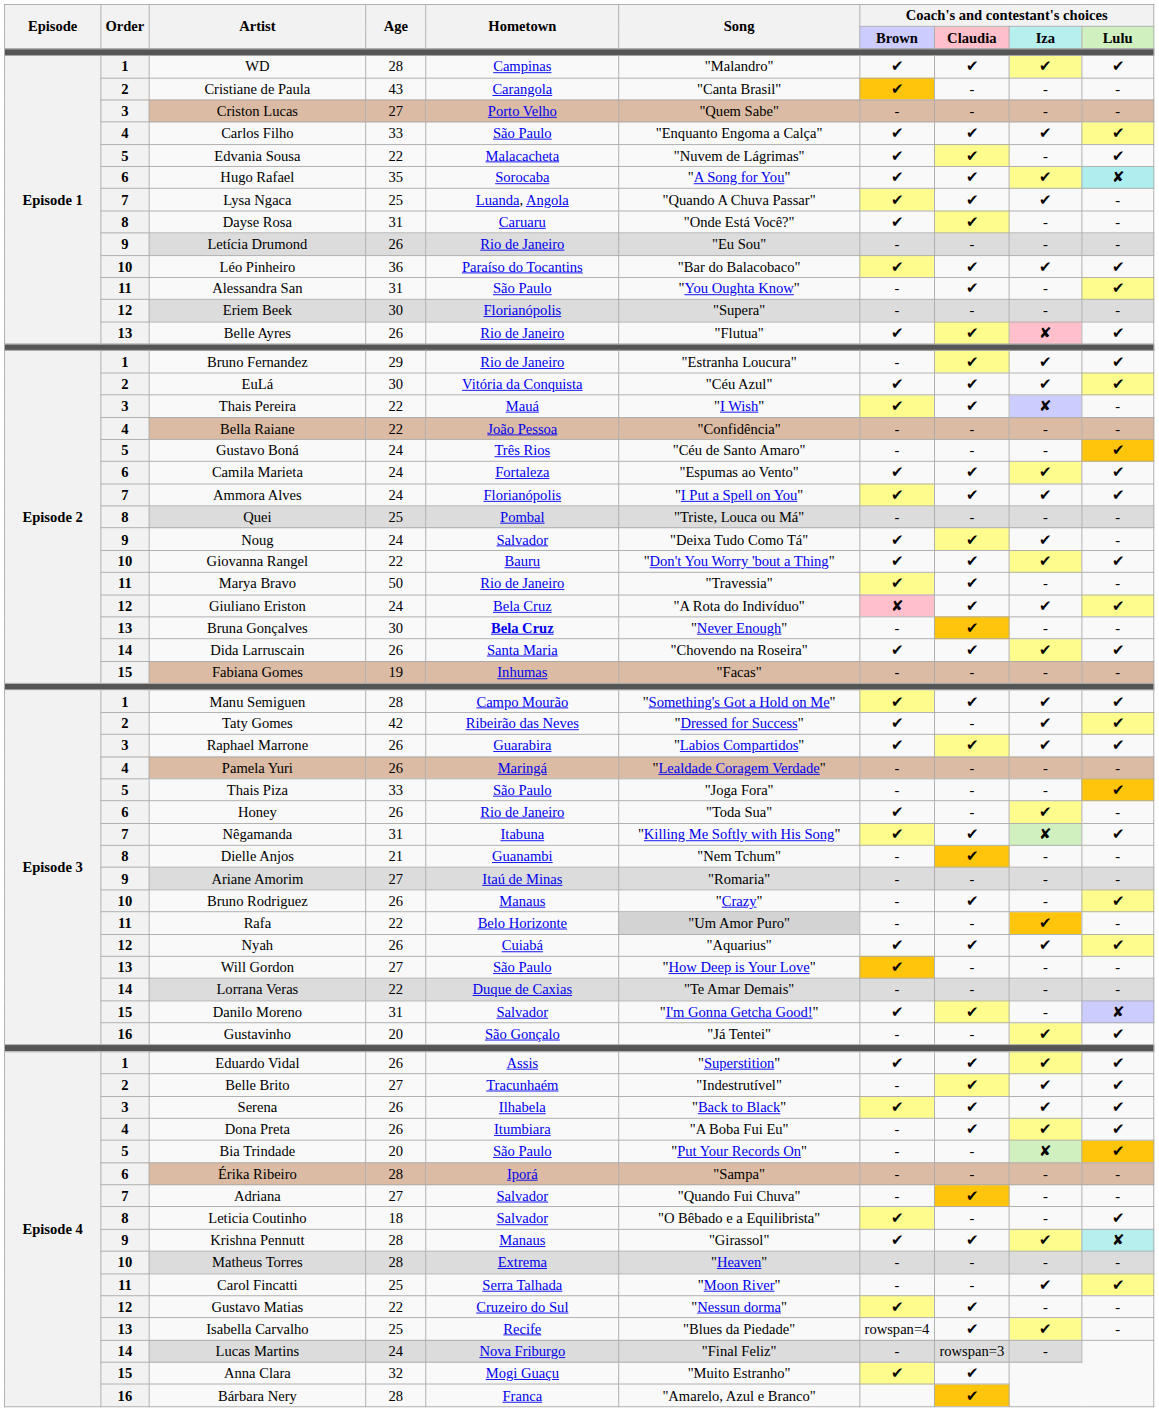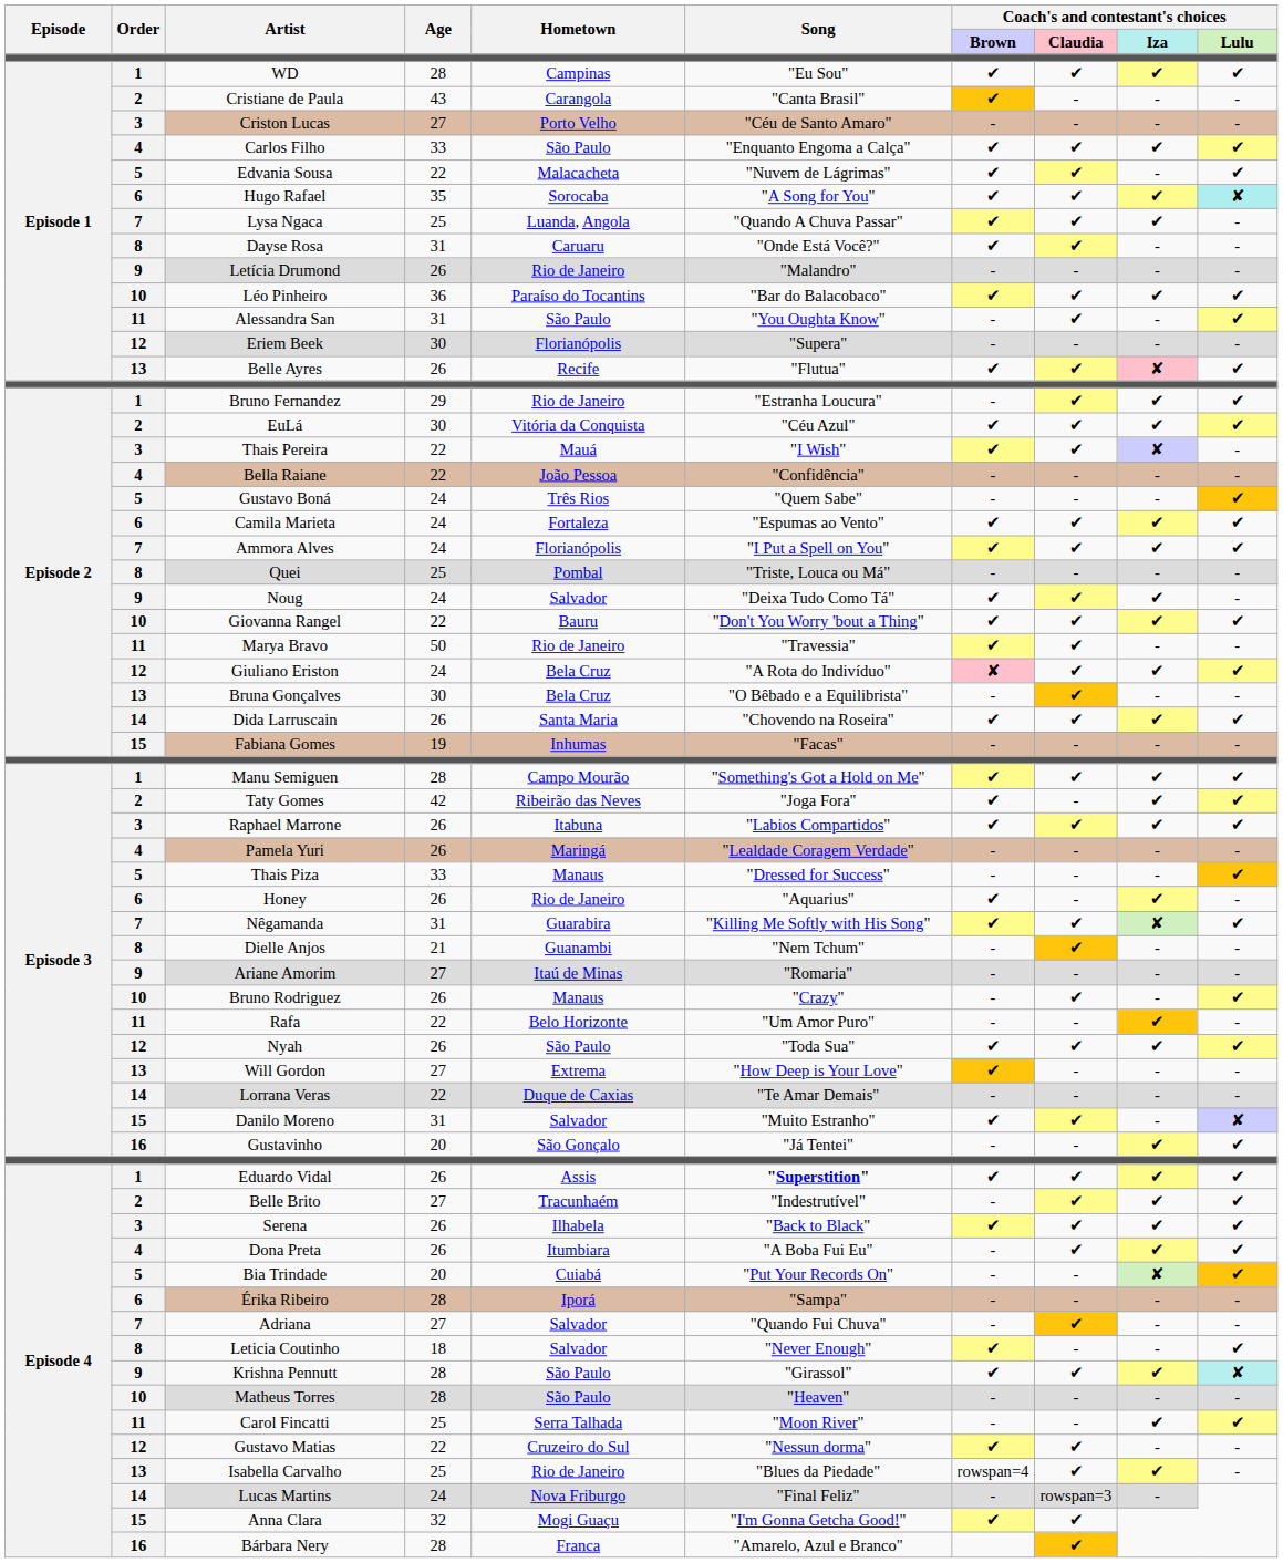 <table class="wikitable" style="text-align:center; line-height:17px; width:100%">
 <tr>
 <th scope="col" rowspan=2 width="08%">Episode</th>
 <th scope="col" rowspan=2 width="04%">Order</th>
 <th scope="col" rowspan=2 width="18%">Artist</th>
 <th scope="col" rowspan=2 width="05%">Age</th>
 <th scope="col" rowspan=2 width="16%">Hometown</th>
 <th scope="col" rowspan=2 width="20%">Song</th>
 <th scope="col" colspan=4 width="24%">Coach's and contestant's choices</th>
 </tr>
 <tr>
 <th width="6%" style="background:#ccf">Brown</th>
 <th width="6%" style="background:pink">Claudia</th>
 <th width="6%" style="background:#b7efef">Iza</th>
 <th width="6%" style="background:#d0f0c0">Lulu</th>
 </tr>
 <tr>
 <td colspan="10" style="background:#555"></td>
 </tr>
 <tr>
 <th scope="col" rowspan="13">Episode 1<br></th>
 <th>1</th>
 <td>WD</td>
 <td>28</td>
 <td><a href='#'>Campinas</a></td>
-<td>"Malandro"</td>
+<td>"Eu Sou"</td>
 <td>✔</td>
 <td>✔</td>
 <td style="background:#fdfc8f">✔</td>
 <td>✔</td>
 </tr>
 <tr>
 <th>2</th>
 <td>Cristiane de Paula</td>
 <td>43</td>
 <td><a href='#'>Carangola</a></td>
 <td>"Canta Brasil"</td>
 <td style="background:#ffc40c">✔</td>
 <td>-</td>
 <td>-</td>
 <td>-</td>
 </tr>
 <tr bgcolor=dbbba4>
 <th>3</th>
 <td>Criston Lucas</td>
 <td>27</td>
 <td><a href='#'>Porto Velho</a></td>
-<td>"Quem Sabe"</td>
+<td>"Céu de Santo Amaro"</td>
 <td>-</td>
 <td>-</td>
 <td>-</td>
 <td>-</td>
 </tr>
 <tr>
 <th>4</th>
 <td>Carlos Filho</td>
 <td>33</td>
 <td><a href='#'>São Paulo</a></td>
 <td>"Enquanto Engoma a Calça"</td>
 <td>✔</td>
 <td>✔</td>
 <td>✔</td>
 <td style="background:#fdfc8c">✔</td>
 </tr>
 <tr>
 <th>5</th>
 <td>Edvania Sousa</td>
 <td>22</td>
 <td><a href='#'>Malacacheta</a></td>
 <td>"Nuvem de Lágrimas"</td>
 <td>✔</td>
 <td style="background:#fdfc8c">✔</td>
 <td>-</td>
 <td>✔</td>
 </tr>
 <tr>
 <th>6</th>
 <td>Hugo Rafael</td>
 <td>35</td>
 <td><a href='#'>Sorocaba</a></td>
 <td>"<a href='#'>A Song for You</a>"</td>
 <td>✔</td>
 <td>✔</td>
 <td style="background:#fdfc8c">✔</td>
 <td style="background:#afeeee">✘</td>
 </tr>
 <tr>
 <th>7</th>
 <td>Lysa Ngaca</td>
 <td>25</td>
 <td><a href='#'>Luanda</a>, <a href='#'>Angola</a></td>
 <td>"Quando A Chuva Passar"</td>
 <td style="background:#fdfc8c">✔</td>
 <td>✔</td>
 <td>✔</td>
 <td>-</td>
 </tr>
 <tr>
 <th>8</th>
 <td>Dayse Rosa</td>
 <td>31</td>
 <td><a href='#'>Caruaru</a></td>
 <td>"Onde Está Você?"</td>
 <td>✔</td>
 <td style="background:#fdfc8c">✔</td>
 <td>-</td>
 <td>-</td>
 </tr>
 <tr bgcolor=dcdcdc>
 <th>9</th>
 <td>Letícia Drumond</td>
 <td>26</td>
 <td><a href='#'>Rio de Janeiro</a></td>
-<td>"Eu Sou"</td>
+<td>"Malandro"</td>
 <td>-</td>
 <td>-</td>
 <td>-</td>
 <td>-</td>
 </tr>
 <tr>
 <th>10</th>
 <td>Léo Pinheiro</td>
 <td>36</td>
 <td><a href='#'>Paraíso do Tocantins</a></td>
 <td>"Bar do Balacobaco"</td>
 <td style="background:#fdfc8c">✔</td>
 <td>✔</td>
 <td>✔</td>
 <td>✔</td>
 </tr>
 <tr>
 <th>11</th>
 <td>Alessandra San</td>
 <td>31</td>
 <td><a href='#'>São Paulo</a></td>
 <td>"<a href='#'>You Oughta Know</a>"</td>
 <td>-</td>
 <td>✔</td>
 <td>-</td>
 <td style="background:#fdfc8c">✔</td>
 </tr>
 <tr bgcolor=dcdcdc>
 <th>12</th>
 <td>Eriem Beek</td>
 <td>30</td>
 <td><a href='#'>Florianópolis</a></td>
 <td>"Supera"</td>
 <td>-</td>
 <td>-</td>
 <td>-</td>
 <td>-</td>
 </tr>
 <tr>
 <th>13</th>
 <td>Belle Ayres</td>
 <td>26</td>
-<td><a href='#'>Rio de Janeiro</a></td>
+<td><a href='#'>Recife</a></td>
 <td>"Flutua"</td>
 <td>✔</td>
 <td style="background:#fdfc8c">✔</td>
 <td style="background:pink">✘</td>
 <td>✔</td>
 </tr>
 <tr>
 <td colspan="10" style="background:#555"></td>
 </tr>
 <tr>
 <th scope="col" rowspan="15">Episode 2<br></th>
 <th>1</th>
 <td>Bruno Fernandez</td>
 <td>29</td>
 <td><a href='#'>Rio de Janeiro</a></td>
 <td>"Estranha Loucura"</td>
 <td>-</td>
 <td style="background:#fdfc8c">✔</td>
 <td>✔</td>
 <td>✔</td>
 </tr>
 <tr>
 <th>2</th>
 <td>EuLá</td>
 <td>30</td>
 <td><a href='#'>Vitória da Conquista</a></td>
 <td>"Céu Azul"</td>
 <td>✔</td>
 <td>✔</td>
 <td>✔</td>
 <td style="background:#fdfc8c">✔</td>
 </tr>
 <tr>
 <th>3</th>
 <td>Thais Pereira</td>
 <td>22</td>
 <td><a href='#'>Mauá</a></td>
 <td>"<a href='#'>I Wish</a>"</td>
 <td style="background:#fdfc8c">✔</td>
 <td>✔</td>
 <td style="background:#ccccff">✘</td>
 <td>-</td>
 </tr>
 <tr bgcolor=dbbba4>
 <th>4</th>
 <td>Bella Raiane</td>
 <td>22</td>
 <td><a href='#'>João Pessoa</a></td>
 <td>"Confidência"</td>
 <td>-</td>
 <td>-</td>
 <td>-</td>
 <td>-</td>
 </tr>
 <tr>
 <th>5</th>
 <td>Gustavo Boná</td>
 <td>24</td>
 <td><a href='#'>Três Rios</a></td>
-<td>"Céu de Santo Amaro"</td>
+<td>"Quem Sabe"</td>
 <td>-</td>
 <td>-</td>
 <td>-</td>
 <td style="background:#ffc40c">✔</td>
 </tr>
 <tr>
 <th>6</th>
 <td>Camila Marieta</td>
 <td>24</td>
 <td><a href='#'>Fortaleza</a></td>
 <td>"Espumas ao Vento"</td>
 <td>✔</td>
 <td>✔</td>
 <td style="background:#fdfc8c">✔</td>
 <td>✔</td>
 </tr>
 <tr>
 <th>7</th>
 <td>Ammora Alves</td>
 <td>24</td>
 <td><a href='#'>Florianópolis</a></td>
 <td>"<a href='#'>I Put a Spell on You</a>"</td>
 <td style="background:#fdfc8c">✔</td>
 <td>✔</td>
 <td>✔</td>
 <td>✔</td>
 </tr>
 <tr bgcolor=dcdcdc>
 <th>8</th>
 <td>Quei</td>
 <td>25</td>
 <td><a href='#'>Pombal</a></td>
 <td>"Triste, Louca ou Má"</td>
 <td>-</td>
 <td>-</td>
 <td>-</td>
 <td>-</td>
 </tr>
 <tr>
 <th>9</th>
 <td>Noug</td>
 <td>24</td>
 <td><a href='#'>Salvador</a></td>
 <td>"Deixa Tudo Como Tá"</td>
 <td>✔</td>
 <td style="background:#fdfc8c">✔</td>
 <td>✔</td>
 <td>-</td>
 </tr>
 <tr>
 <th>10</th>
 <td>Giovanna Rangel</td>
 <td>22</td>
 <td><a href='#'>Bauru</a></td>
 <td>"<a href='#'>Don't You Worry 'bout a Thing</a>"</td>
 <td>✔</td>
 <td>✔</td>
 <td style="background:#fdfc8c">✔</td>
 <td>✔</td>
 </tr>
 <tr>
 <th>11</th>
 <td>Marya Bravo</td>
 <td>50</td>
 <td><a href='#'>Rio de Janeiro</a></td>
 <td>"Travessia"</td>
 <td style="background:#fdfc8c">✔</td>
 <td>✔</td>
 <td>-</td>
 <td>-</td>
 </tr>
 <tr>
 <th>12</th>
 <td>Giuliano Eriston</td>
 <td>24</td>
 <td><a href='#'>Bela Cruz</a></td>
 <td>"A Rota do Indivíduo"</td>
 <td style="background:pink">✘</td>
 <td>✔</td>
 <td>✔</td>
 <td style="background:#fdfc8c">✔</td>
 </tr>
 <tr>
 <th>13</th>
 <td>Bruna Gonçalves</td>
 <td>30</td>
-<td><strong><a href='#'>Bela Cruz</a></strong></td>
-<td>"<a href='#'>Never Enough</a>"</td>
+<td><a href='#'>Bela Cruz</a></td>
+<td>"O Bêbado e a Equilibrista"</td>
 <td>-</td>
 <td style="background:#ffc40c">✔</td>
 <td>-</td>
 <td>-</td>
 </tr>
 <tr>
 <th>14</th>
 <td>Dida Larruscain</td>
 <td>26</td>
 <td><a href='#'>Santa Maria</a></td>
 <td>"Chovendo na Roseira"</td>
 <td>✔</td>
 <td>✔</td>
 <td style="background:#fdfc8c">✔</td>
 <td>✔</td>
 </tr>
 <tr bgcolor=dbbba4>
 <th>15</th>
 <td>Fabiana Gomes </td>
 <td>19</td>
 <td><a href='#'>Inhumas</a></td>
 <td>"Facas"</td>
 <td>-</td>
 <td>-</td>
 <td>-</td>
 <td>-</td>
 </tr>
 <tr>
 <td colspan="10" style="background:#555"></td>
 </tr>
 <tr>
 <th scope="col" rowspan="16">Episode 3<br></th>
 <th>1</th>
 <td>Manu Semiguen</td>
 <td>28</td>
 <td><a href='#'>Campo Mourão</a></td>
 <td>"<a href='#'>Something's Got a Hold on Me</a>"</td>
 <td style="background:#fdfc8c">✔</td>
 <td>✔</td>
 <td>✔</td>
 <td>✔</td>
 </tr>
 <tr>
 <th>2</th>
 <td>Taty Gomes</td>
 <td>42</td>
 <td><a href='#'>Ribeirão das Neves</a></td>
-<td>"<a href='#'>Dressed for Success</a>"</td>
+<td>"Joga Fora"</td>
 <td>✔</td>
 <td>-</td>
 <td>✔</td>
 <td style="background:#fdfc8c">✔</td>
 </tr>
 <tr>
 <th>3</th>
 <td>Raphael Marrone</td>
 <td>26</td>
-<td><a href='#'>Guarabira</a></td>
+<td><a href='#'>Itabuna</a></td>
 <td>"<a href='#'>Labios Compartidos</a>"</td>
 <td>✔</td>
 <td style="background:#fdfc8c">✔</td>
 <td>✔</td>
 <td>✔</td>
 </tr>
 <tr bgcolor= dbbba4>
 <th>4</th>
 <td>Pamela Yuri</td>
 <td>26</td>
 <td><a href='#'>Maringá</a></td>
 <td>"<a href='#'>Lealdade Coragem Verdade</a>"</td>
 <td>-</td>
 <td>-</td>
 <td>-</td>
 <td>-</td>
 </tr>
 <tr>
 <th>5</th>
 <td>Thais Piza</td>
 <td>33</td>
-<td><a href='#'>São Paulo</a></td>
-<td>"Joga Fora"</td>
+<td><a href='#'>Manaus</a></td>
+<td>"<a href='#'>Dressed for Success</a>"</td>
 <td>-</td>
 <td>-</td>
 <td>-</td>
 <td style="background:#ffc40c">✔</td>
 </tr>
 <tr>
 <th>6</th>
 <td>Honey</td>
 <td>26</td>
 <td><a href='#'>Rio de Janeiro</a></td>
-<td>"Toda Sua"</td>
+<td>"Aquarius"</td>
 <td>✔</td>
 <td>-</td>
 <td style="background:#fdfc8c">✔</td>
 <td>-</td>
 </tr>
 <tr>
 <th>7</th>
 <td>Nêgamanda </td>
 <td>31</td>
-<td><a href='#'>Itabuna</a></td>
+<td><a href='#'>Guarabira</a></td>
 <td>"<a href='#'>Killing Me Softly with His Song</a>"</td>
 <td style="background:#fdfc8c">✔</td>
 <td>✔</td>
 <td style="background:#d0f0c0">✘</td>
 <td>✔</td>
 </tr>
 <tr>
 <th>8</th>
 <td>Dielle Anjos</td>
 <td>21</td>
 <td><a href='#'>Guanambi</a></td>
 <td>"Nem Tchum"</td>
 <td>-</td>
 <td style="background:#ffc40c">✔</td>
 <td>-</td>
 <td>-</td>
 </tr>
 <tr bgcolor=dcdcdc>
 <th>9</th>
 <td>Ariane Amorim</td>
 <td>27</td>
 <td><a href='#'>Itaú de Minas</a></td>
 <td>"Romaria"</td>
 <td>-</td>
 <td>-</td>
 <td>-</td>
 <td>-</td>
 </tr>
 <tr>
 <th>10</th>
 <td>Bruno Rodriguez</td>
 <td>26</td>
 <td><a href='#'>Manaus</a></td>
 <td>"<a href='#'>Crazy</a>"</td>
 <td>-</td>
 <td>✔</td>
 <td>-</td>
 <td style="background:#fdfc8c">✔</td>
 </tr>
 <tr>
 <th>11</th>
 <td>Rafa</td>
 <td>22</td>
 <td><a href='#'>Belo Horizonte</a></td>
-<td style="background: lightgrey;">"Um Amor Puro"</td>
+<td>"Um Amor Puro"</td>
 <td>-</td>
 <td>-</td>
 <td style="background:#ffc40c">✔</td>
 <td>-</td>
 </tr>
 <tr>
 <th>12</th>
 <td>Nyah</td>
 <td>26</td>
-<td><a href='#'>Cuiabá</a></td>
-<td>"Aquarius"</td>
+<td><a href='#'>São Paulo</a></td>
+<td>"Toda Sua"</td>
 <td>✔</td>
 <td>✔</td>
 <td>✔</td>
 <td style="background:#fdfc8c">✔</td>
 </tr>
 <tr>
 <th>13</th>
 <td>Will Gordon</td>
 <td>27</td>
-<td><a href='#'>São Paulo</a></td>
+<td><a href='#'>Extrema</a></td>
 <td>"<a href='#'>How Deep is Your Love</a>"</td>
 <td style="background:#ffc40c">✔</td>
 <td>-</td>
 <td>-</td>
 <td>-</td>
 </tr>
 <tr bgcolor= dcdcdc>
 <th>14</th>
 <td>Lorrana Veras</td>
 <td>22</td>
 <td><a href='#'>Duque de Caxias</a></td>
 <td>"Te Amar Demais"</td>
 <td>-</td>
 <td>-</td>
 <td>-</td>
 <td>-</td>
 </tr>
 <tr>
 <th>15</th>
 <td>Danilo Moreno</td>
 <td>31</td>
 <td><a href='#'>Salvador</a></td>
-<td>"<a href='#'>I'm Gonna Getcha Good!</a>"</td>
+<td>"Muito Estranho"</td>
 <td>✔</td>
 <td style="background:#fdfc8c">✔</td>
 <td>-</td>
 <td style="background:#ccccff">✘</td>
 </tr>
 <tr>
 <th>16</th>
 <td>Gustavinho</td>
 <td>20</td>
 <td><a href='#'>São Gonçalo</a></td>
 <td>"Já Tentei"</td>
 <td>-</td>
 <td>-</td>
 <td style="background:#fdfc8c">✔</td>
 <td>✔</td>
 </tr>
 <tr>
 <td colspan="10" style="background:#555"></td>
 </tr>
 <tr>
 <th scope="col" rowspan="16">Episode 4<br></th>
 <th>1</th>
 <td>Eduardo Vidal</td>
 <td>26</td>
 <td><a href='#'>Assis</a></td>
-<td>"<a href='#'>Superstition</a>"</td>
+<td><strong>"<a href='#'>Superstition</a>"</strong></td>
 <td>✔</td>
 <td>✔</td>
 <td style="background:#fdfc8c">✔</td>
 <td>✔</td>
 </tr>
 <tr>
 <th>2</th>
 <td>Belle Brito</td>
 <td>27</td>
 <td><a href='#'>Tracunhaém</a></td>
 <td>"Indestrutível"</td>
 <td>-</td>
 <td style="background:#fdfc8c">✔</td>
 <td>✔</td>
 <td>✔</td>
 </tr>
 <tr>
 <th>3</th>
 <td>Serena</td>
 <td>26</td>
 <td><a href='#'>Ilhabela</a></td>
 <td>"<a href='#'>Back to Black</a>"</td>
 <td style="background:#fdfc8c">✔</td>
 <td>✔</td>
 <td>✔</td>
 <td>✔</td>
 </tr>
 <tr>
 <th>4</th>
 <td>Dona Preta</td>
 <td>26</td>
 <td><a href='#'>Itumbiara</a></td>
 <td>"A Boba Fui Eu"</td>
 <td>-</td>
 <td>✔</td>
 <td style="background:#fdfc8c">✔</td>
 <td>✔</td>
 </tr>
 <tr>
 <th>5</th>
 <td>Bia Trindade</td>
 <td>20</td>
-<td><a href='#'>São Paulo</a></td>
+<td><a href='#'>Cuiabá</a></td>
 <td>"<a href='#'>Put Your Records On</a>"</td>
 <td>-</td>
 <td>-</td>
 <td style="background:#d0f0c0">✘</td>
 <td style="background:#ffc40c">✔</td>
 </tr>
 <tr bgcolor=dbbba4>
 <th>6</th>
 <td>Érika Ribeiro</td>
 <td>28</td>
 <td><a href='#'>Iporá</a></td>
 <td>"Sampa"</td>
 <td>-</td>
 <td>-</td>
 <td>-</td>
 <td>-</td>
 </tr>
 <tr>
 <th>7</th>
 <td>Adriana</td>
 <td>27</td>
 <td><a href='#'>Salvador</a></td>
 <td>"Quando Fui Chuva"</td>
 <td>-</td>
 <td style="background:#ffc40c">✔</td>
 <td>-</td>
 <td>-</td>
 </tr>
 <tr>
 <th>8</th>
 <td>Leticia Coutinho</td>
 <td>18</td>
 <td><a href='#'>Salvador</a></td>
-<td>"O Bêbado e a Equilibrista"</td>
+<td>"<a href='#'>Never Enough</a>"</td>
 <td style="background:#fdfc8c">✔</td>
 <td>-</td>
 <td>-</td>
 <td>✔</td>
 </tr>
 <tr>
 <th>9</th>
 <td>Krishna Pennutt</td>
 <td>28</td>
-<td><a href='#'>Manaus</a></td>
+<td><a href='#'>São Paulo</a></td>
 <td>"Girassol"</td>
 <td>✔</td>
 <td>✔</td>
 <td style="background:#fdfc8c">✔</td>
 <td style="background:#b7efef">✘</td>
 </tr>
 <tr bgcolor=dcdcdc>
 <th>10</th>
 <td>Matheus Torres</td>
 <td>28</td>
-<td><a href='#'>Extrema</a></td>
+<td><a href='#'>São Paulo</a></td>
 <td>"<a href='#'>Heaven</a>"</td>
 <td>-</td>
 <td>-</td>
 <td>-</td>
 <td>-</td>
 </tr>
 <tr>
 <th>11</th>
 <td>Carol Fincatti</td>
 <td>25</td>
 <td><a href='#'>Serra Talhada</a></td>
 <td>"<a href='#'>Moon River</a>"</td>
 <td>-</td>
 <td>-</td>
 <td>✔</td>
 <td style="background:#fdfc8c">✔</td>
 </tr>
 <tr>
 <th>12</th>
 <td>Gustavo Matias</td>
 <td>22</td>
 <td><a href='#'>Cruzeiro do Sul</a></td>
 <td>"<a href='#'>Nessun dorma</a>"</td>
 <td style="background:#fdfc8c">✔</td>
 <td>✔</td>
 <td>-</td>
 <td>-</td>
 </tr>
 <tr>
 <th>13</th>
 <td>Isabella Carvalho</td>
 <td>25</td>
-<td><a href='#'>Recife</a></td>
+<td><a href='#'>Rio de Janeiro</a></td>
 <td>"Blues da Piedade"</td>
 <td>rowspan=4 </td>
 <td>✔</td>
 <td style="background:#fdfc8c">✔</td>
 <td>-</td>
 </tr>
 <tr bgcolor=dcdcdc>
 <th>14</th>
 <td>Lucas Martins</td>
 <td>24</td>
 <td><a href='#'>Nova Friburgo</a></td>
 <td>"Final Feliz"</td>
 <td>-</td>
 <td>rowspan=3 </td>
 <td>-</td>
 </tr>
 <tr>
 <th>15</th>
 <td>Anna Clara</td>
 <td>32</td>
 <td><a href='#'>Mogi Guaçu</a></td>
-<td>"Muito Estranho"</td>
+<td>"<a href='#'>I'm Gonna Getcha Good!</a>"</td>
 <td style="background:#fdfc8c">✔</td>
 <td>✔</td>
 </tr>
 <tr>
 <th>16</th>
 <td>Bárbara Nery</td>
 <td>28</td>
 <td><a href='#'>Franca</a></td>
 <td>"Amarelo, Azul e Branco"</td>
 <td></td>
 <td style="background:#ffc40c">✔</td>
 </tr>
 </table>
